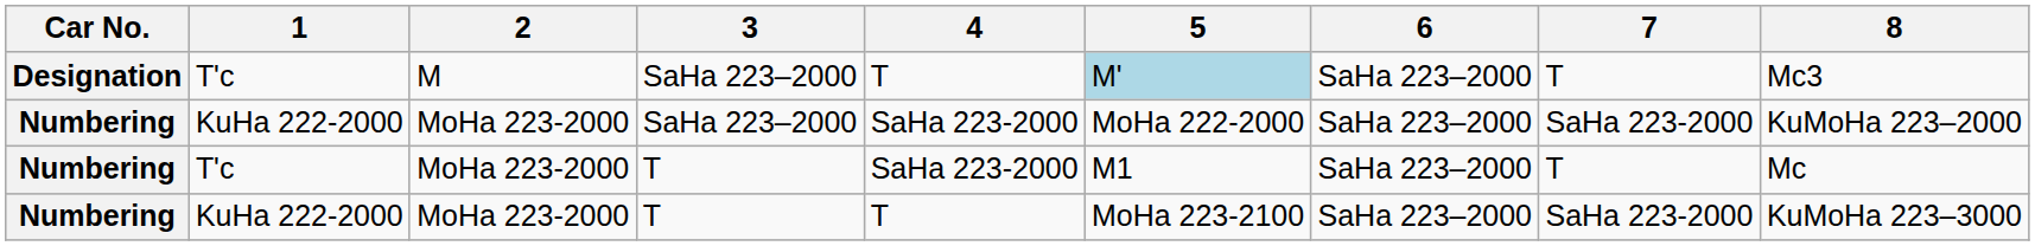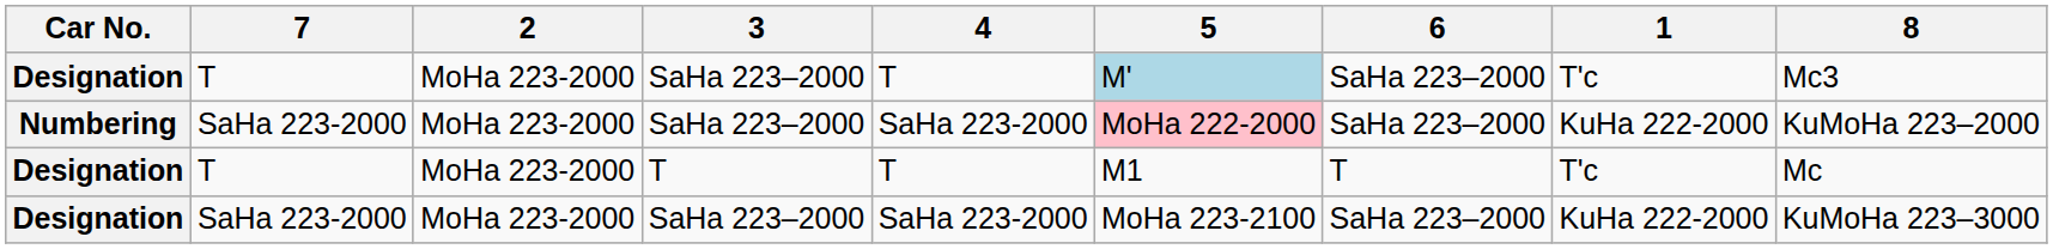 <table class="wikitable">
 <tr>
 <th>Car No.</th>
-<th>1</th>
+<th>7</th>
 <th>2</th>
 <th>3</th>
 <th>4</th>
 <th>5</th>
 <th>6</th>
-<th>7</th>
+<th>1</th>
 <th>8</th>
 </tr>
 <tr>
 <th>Designation</th>
-<td>T'c</td>
-<td>M</td>
+<td>T</td>
+<td>MoHa 223-2000</td>
 <td>SaHa 223–2000</td>
 <td>T</td>
 <td style="background: lightblue;">M'</td>
 <td>SaHa 223–2000</td>
-<td>T</td>
+<td>T'c</td>
 <td>Mc3</td>
 </tr>
 <tr>
 <th>Numbering</th>
-<td>KuHa 222-2000</td>
+<td>SaHa 223-2000</td>
 <td>MoHa 223-2000</td>
 <td>SaHa 223–2000</td>
 <td>SaHa 223-2000</td>
-<td>MoHa 222-2000</td>
+<td style="background: pink;">MoHa 222-2000</td>
 <td>SaHa 223–2000</td>
-<td>SaHa 223-2000</td>
+<td>KuHa 222-2000</td>
 <td>KuMoHa 223–2000</td>
 </tr>
 <tr>
-<th>Numbering</th>
-<td>T'c</td>
+<th>Designation</th>
+<td>T</td>
 <td>MoHa 223-2000</td>
 <td>T</td>
-<td>SaHa 223-2000</td>
+<td>T</td>
 <td>M1</td>
-<td>SaHa 223–2000</td>
 <td>T</td>
+<td>T'c</td>
 <td>Mc</td>
 </tr>
 <tr>
-<th>Numbering</th>
-<td>KuHa 222-2000</td>
+<th>Designation</th>
+<td>SaHa 223-2000</td>
 <td>MoHa 223-2000</td>
-<td>T</td>
-<td>T</td>
+<td>SaHa 223–2000</td>
+<td>SaHa 223-2000</td>
 <td>MoHa 223-2100</td>
 <td>SaHa 223–2000</td>
-<td>SaHa 223-2000</td>
+<td>KuHa 222-2000</td>
 <td>KuMoHa 223–3000</td>
 </tr>
 </table>
